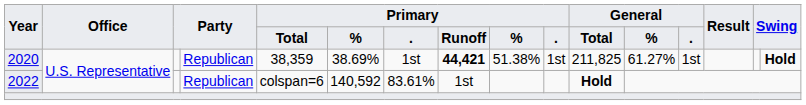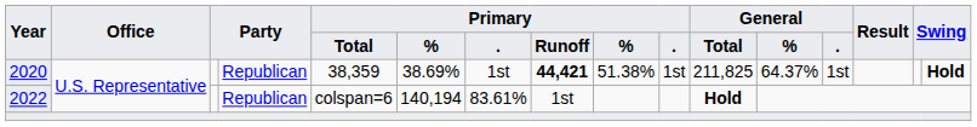 <table class="wikitable" style="font-size:90%; text-align:center;">
 <tr>
 <th style="background-color:#EAECF0;" rowspan=2>Year</th>
 <th style="background-color:#EAECF0;" rowspan=2>Office</th>
 <th style="background-color:#EAECF0;" colspan=2 rowspan=2>Party</th>
 <th style="background-color:#EAECF0;" colspan=6>Primary</th>
 <th style="background-color:#EAECF0;" colspan=3>General</th>
 <th style="background-color:#EAECF0;" rowspan=2>Result</th>
 <th style="background-color:#EAECF0;" colspan=2 rowspan=2><a href='#'>Swing</a></th>
 </tr>
 <tr>
 <th style="background-color:#EAECF0;">Total</th>
 <th style="background-color:#EAECF0;">%</th>
 <th style="background-color:#EAECF0;">.</th>
 <th style="background-color:#EAECF0;">Runoff</th>
 <th style="background-color:#EAECF0;">%</th>
 <th style="background-color:#EAECF0;">.</th>
 <th style="background-color:#EAECF0;">Total</th>
 <th style="background-color:#EAECF0;">%</th>
 <th style="background-color:#EAECF0;">.</th>
 </tr>
 <tr>
 <td style="background-color:#EAECF0;"><a href='#'>2020</a></td>
 <td rowspan=2><a href='#'>U.S. Representative</a></td>
 <td style="background-color:"></td>
 <td><a href='#'>Republican</a></td>
 <td>38,359</td>
 <td>38.69%</td>
 <td>1st</td>
 <td><strong>44,421</strong></td>
 <td>51.38%</td>
 <td>1st</td>
 <td>211,825</td>
-<td>61.27%</td>
+<td>64.37%</td>
 <td>1st</td>
 <td></td>
 <td style="background-color:"></td>
 <td><strong>Hold</strong></td>
 </tr>
 <tr>
 <td style="background-color:#EAECF0;"><a href='#'>2022</a></td>
 <td style="background-color:"></td>
 <td><a href='#'>Republican</a></td>
 <td>colspan=6 </td>
-<td>140,592</td>
+<td>140,194</td>
 <td>83.61%</td>
 <td>1st</td>
 <td></td>
 <td style="background-color:"></td>
 <td><strong>Hold</strong></td>
 </tr>
 <tr>
 <td style="background-color:#EAECF0;" colspan=16></td>
 </tr>
 </table>
